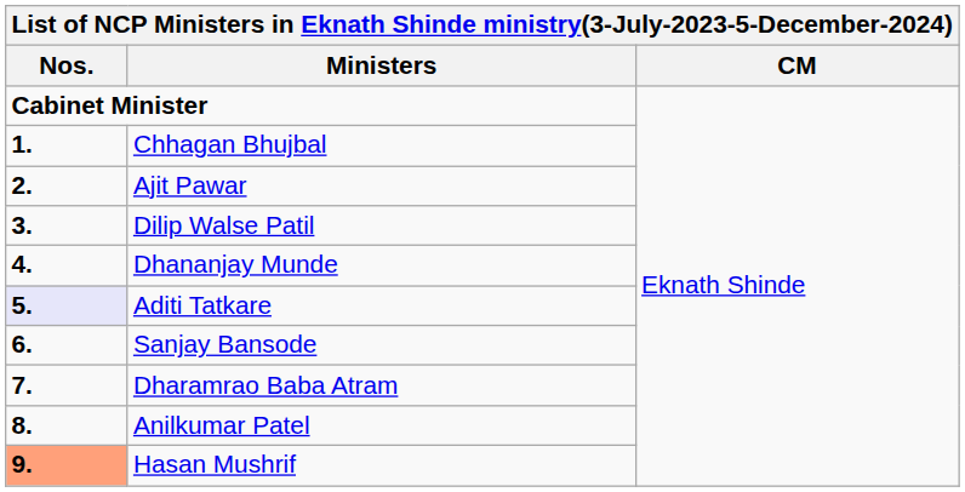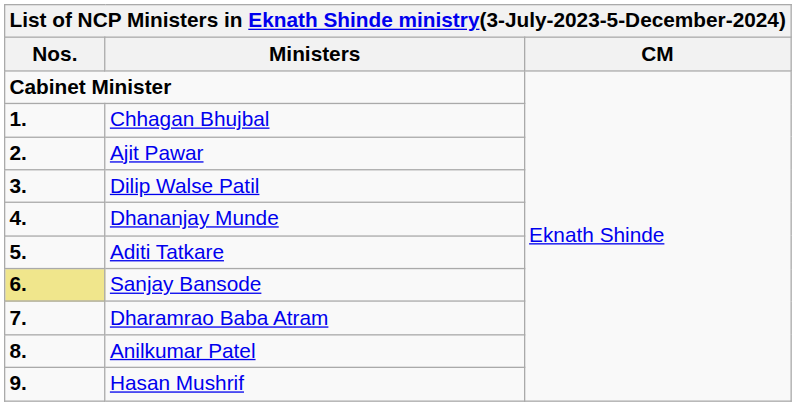 <table class="wikitable">
 <tr>
 <th colspan="3">List of NCP Ministers in <a href='#'>Eknath Shinde ministry</a>(3-July-2023-5-December-2024)</th>
 </tr>
 <tr>
 <th>Nos.</th>
 <th>Ministers</th>
 <th>CM</th>
 </tr>
 <tr>
 <td colspan="2"><strong>Cabinet Minister</strong></td>
 <td rowspan="10"><a href='#'>Eknath Shinde</a></td>
 </tr>
 <tr>
 <td><strong>1.</strong></td>
 <td><a href='#'>Chhagan Bhujbal</a></td>
 </tr>
 <tr>
 <td><strong>2.</strong></td>
 <td><a href='#'>Ajit Pawar</a></td>
 </tr>
 <tr>
 <td><strong>3.</strong></td>
 <td><a href='#'>Dilip Walse Patil</a></td>
 </tr>
 <tr>
 <td><strong>4.</strong></td>
 <td><a href='#'>Dhananjay Munde</a></td>
 </tr>
 <tr>
-<td style="background: lavender;"><strong>5.</strong></td>
+<td><strong>5.</strong></td>
 <td><a href='#'>Aditi Tatkare</a></td>
 </tr>
 <tr>
-<td><strong>6.</strong></td>
+<td style="background: khaki;"><strong>6.</strong></td>
 <td><a href='#'>Sanjay Bansode</a></td>
 </tr>
 <tr>
 <td><strong>7.</strong></td>
 <td><a href='#'>Dharamrao Baba Atram</a></td>
 </tr>
 <tr>
 <td><strong>8.</strong></td>
 <td><a href='#'>Anilkumar Patel</a></td>
 </tr>
 <tr>
-<td style="background: lightsalmon;"><strong>9.</strong></td>
+<td><strong>9.</strong></td>
 <td><a href='#'>Hasan Mushrif</a></td>
 </tr>
 </table>
